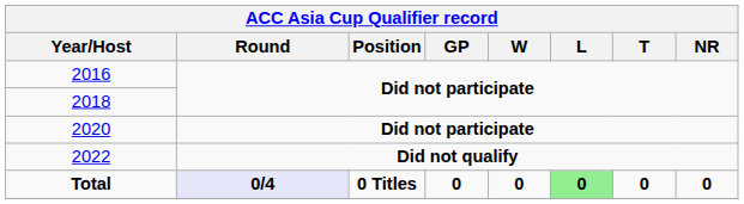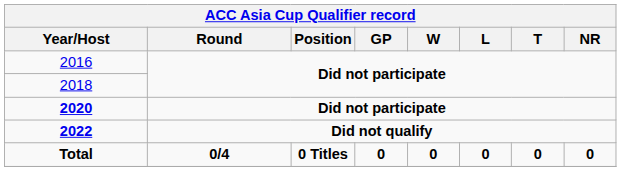 <table class="wikitable" style="text-align: center;">
 <tr>
 <th colspan=8><a href='#'>ACC Asia Cup Qualifier record</a></th>
 </tr>
 <tr>
 <th width=150>Year/Host</th>
 <th width=150>Round</th>
 <th width=50>Position</th>
 <th width=50>GP</th>
 <th width=50>W</th>
 <th width=50>L</th>
 <th width=50>T</th>
 <th width=50>NR</th>
 </tr>
 <tr>
 <td> <a href='#'>2016</a></td>
 <td colspan="7" rowspan="2"><strong>Did not participate</strong></td>
 </tr>
 <tr>
 <td> <a href='#'>2018</a></td>
 </tr>
 <tr>
-<td> <a href='#'>2020</a></td>
+<td><strong> <a href='#'>2020</a></strong></td>
 <td colspan="7" rowspan="1"><strong>Did not participate</strong></td>
 </tr>
 <tr>
-<td> <a href='#'>2022</a></td>
+<td><strong> <a href='#'>2022</a></strong></td>
 <td colspan="7" rowspan="1"><strong>Did not qualify</strong></td>
 </tr>
 <tr>
 <td><strong>Total</strong></td>
-<td style="background: lavender;"><strong>0/4</strong></td>
+<td><strong>0/4</strong></td>
 <td><strong>0 Titles</strong></td>
 <td><strong>0</strong></td>
 <td><strong>0</strong></td>
-<td style="background: lightgreen;"><strong>0</strong></td>
+<td><strong>0</strong></td>
 <td><strong>0</strong></td>
 <td><strong>0</strong></td>
 </tr>
 <tr>
 </tr>
 </table>
